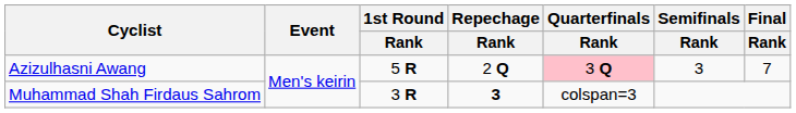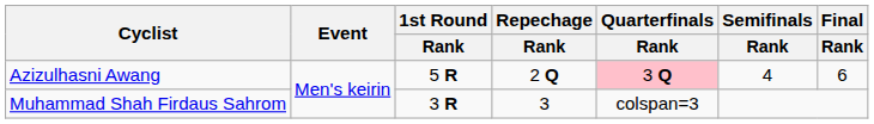 <table class="wikitable" style="font-size:90%">
 <tr>
 <th rowspan=2>Cyclist</th>
 <th rowspan=2>Event</th>
 <th>1st Round</th>
 <th>Repechage</th>
 <th>Quarterfinals</th>
 <th>Semifinals</th>
 <th>Final</th>
 </tr>
 <tr style="font-size:95%">
 <th>Rank</th>
 <th>Rank</th>
 <th>Rank</th>
 <th>Rank</th>
 <th>Rank</th>
 </tr>
 <tr align=center>
 <td align=left><a href='#'>Azizulhasni Awang</a></td>
 <td align=left rowspan=2><a href='#'>Men's keirin</a></td>
 <td>5 <strong>R</strong></td>
 <td>2 <strong>Q</strong></td>
 <td style="background: pink;">3 <strong>Q</strong></td>
-<td>3</td>
-<td>7</td>
+<td>4</td>
+<td>6</td>
 </tr>
 <tr align=center>
 <td align=left><a href='#'>Muhammad Shah Firdaus Sahrom</a></td>
 <td>3 <strong>R</strong></td>
-<td><strong>3</strong></td>
+<td>3</td>
 <td>colspan=3 </td>
 </tr>
 </table>
